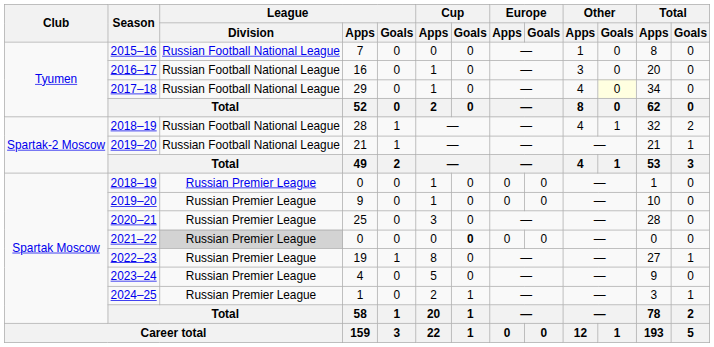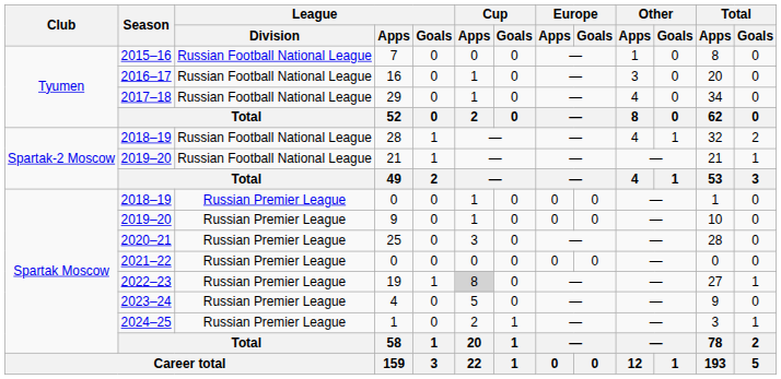 <table class="wikitable" style="text-align: center;">
 <tr>
 <th rowspan="2">Club</th>
 <th rowspan="2">Season</th>
 <th colspan="3">League</th>
 <th colspan="2">Cup</th>
 <th colspan="2">Europe</th>
 <th colspan="2">Other</th>
 <th colspan="2">Total</th>
 </tr>
 <tr>
 <th>Division</th>
 <th>Apps</th>
 <th>Goals</th>
 <th>Apps</th>
 <th>Goals</th>
 <th>Apps</th>
 <th>Goals</th>
 <th>Apps</th>
 <th>Goals</th>
 <th>Apps</th>
 <th>Goals</th>
 </tr>
 <tr>
 <td rowspan="4"><a href='#'>Tyumen</a></td>
 <td><a href='#'>2015–16</a></td>
 <td><a href='#'>Russian Football National League</a></td>
 <td>7</td>
 <td>0</td>
 <td>0</td>
 <td>0</td>
 <td colspan="2">—</td>
 <td>1</td>
 <td>0</td>
 <td>8</td>
 <td>0</td>
 </tr>
 <tr>
 <td><a href='#'>2016–17</a></td>
 <td>Russian Football National League</td>
 <td>16</td>
 <td>0</td>
 <td>1</td>
 <td>0</td>
 <td colspan="2">—</td>
 <td>3</td>
 <td>0</td>
 <td>20</td>
 <td>0</td>
 </tr>
 <tr>
 <td><a href='#'>2017–18</a></td>
 <td>Russian Football National League</td>
 <td>29</td>
 <td>0</td>
 <td>1</td>
 <td>0</td>
 <td colspan="2">—</td>
 <td>4</td>
-<td style="background: lightyellow;">0</td>
+<td>0</td>
 <td>34</td>
 <td>0</td>
 </tr>
 <tr>
 <th colspan="2">Total</th>
 <th>52</th>
 <th>0</th>
 <th>2</th>
 <th>0</th>
 <th colspan="2">—</th>
 <th>8</th>
 <th>0</th>
 <th>62</th>
 <th>0</th>
 </tr>
 <tr>
 <td rowspan="3"><a href='#'>Spartak-2 Moscow</a></td>
 <td><a href='#'>2018–19</a></td>
 <td>Russian Football National League</td>
 <td>28</td>
 <td>1</td>
 <td colspan="2">—</td>
 <td colspan="2">—</td>
 <td>4</td>
 <td>1</td>
 <td>32</td>
 <td>2</td>
 </tr>
 <tr>
 <td><a href='#'>2019–20</a></td>
 <td>Russian Football National League</td>
 <td>21</td>
 <td>1</td>
 <td colspan="2">—</td>
 <td colspan="2">—</td>
 <td colspan="2">—</td>
 <td>21</td>
 <td>1</td>
 </tr>
 <tr>
 <th colspan="2">Total</th>
 <th>49</th>
 <th>2</th>
 <th colspan="2">—</th>
 <th colspan="2">—</th>
 <th>4</th>
 <th>1</th>
 <th>53</th>
 <th>3</th>
 </tr>
 <tr>
 <td rowspan="8"><a href='#'>Spartak Moscow</a></td>
 <td><a href='#'>2018–19</a></td>
 <td><a href='#'>Russian Premier League</a></td>
 <td>0</td>
 <td>0</td>
 <td>1</td>
 <td>0</td>
 <td>0</td>
 <td>0</td>
 <td colspan="2">—</td>
 <td>1</td>
 <td>0</td>
 </tr>
 <tr>
 <td><a href='#'>2019–20</a></td>
 <td>Russian Premier League</td>
 <td>9</td>
 <td>0</td>
 <td>1</td>
 <td>0</td>
 <td>0</td>
 <td>0</td>
 <td colspan="2">—</td>
 <td>10</td>
 <td>0</td>
 </tr>
 <tr>
 <td><a href='#'>2020–21</a></td>
 <td>Russian Premier League</td>
 <td>25</td>
 <td>0</td>
 <td>3</td>
 <td>0</td>
 <td colspan="2">—</td>
 <td colspan="2">—</td>
 <td>28</td>
 <td>0</td>
 </tr>
 <tr>
 <td><a href='#'>2021–22</a></td>
-<td style="background: lightgrey;">Russian Premier League</td>
+<td>Russian Premier League</td>
 <td>0</td>
 <td>0</td>
 <td>0</td>
-<td><strong>0</strong></td>
+<td>0</td>
 <td>0</td>
 <td>0</td>
 <td colspan="2">—</td>
 <td>0</td>
 <td>0</td>
 </tr>
 <tr>
 <td><a href='#'>2022–23</a></td>
 <td>Russian Premier League</td>
 <td>19</td>
 <td>1</td>
-<td>8</td>
+<td style="background: lightgrey;">8</td>
 <td>0</td>
 <td colspan="2">—</td>
 <td colspan="2">—</td>
 <td>27</td>
 <td>1</td>
 </tr>
 <tr>
 <td><a href='#'>2023–24</a></td>
 <td>Russian Premier League</td>
 <td>4</td>
 <td>0</td>
 <td>5</td>
 <td>0</td>
 <td colspan="2">—</td>
 <td colspan="2">—</td>
 <td>9</td>
 <td>0</td>
 </tr>
 <tr>
 <td><a href='#'>2024–25</a></td>
 <td>Russian Premier League</td>
 <td>1</td>
 <td>0</td>
 <td>2</td>
 <td>1</td>
 <td colspan="2">—</td>
 <td colspan="2">—</td>
 <td>3</td>
 <td>1</td>
 </tr>
 <tr>
 <th colspan="2">Total</th>
 <th>58</th>
 <th>1</th>
 <th>20</th>
 <th>1</th>
 <th colspan="2">—</th>
 <th colspan="2">—</th>
 <th>78</th>
 <th>2</th>
 </tr>
 <tr>
 <th colspan="3">Career total</th>
 <th>159</th>
 <th>3</th>
 <th>22</th>
 <th>1</th>
 <th>0</th>
 <th>0</th>
 <th>12</th>
 <th>1</th>
 <th>193</th>
 <th>5</th>
 </tr>
 </table>
